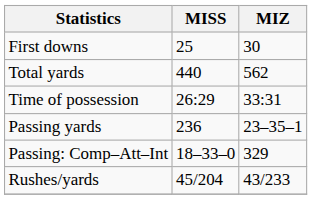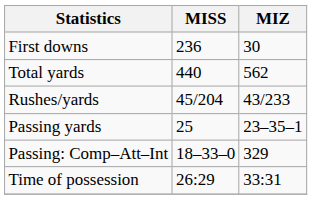 <table class="wikitable" style="float: left;">
 <tr>
 <th>Statistics</th>
 <th>MISS</th>
 <th>MIZ</th>
 </tr>
 <tr>
 <td>First downs</td>
-<td>25</td>
+<td>236</td>
 <td>30</td>
 </tr>
 <tr>
 <td>Total yards</td>
 <td>440</td>
 <td>562</td>
 </tr>
 <tr>
-<td>Time of possession</td>
-<td>26:29</td>
-<td>33:31</td>
+<td>Rushes/yards</td>
+<td>45/204</td>
+<td>43/233</td>
 </tr>
 <tr>
 <td>Passing yards</td>
-<td>236</td>
+<td>25</td>
 <td>23–35–1</td>
 </tr>
 <tr>
 <td>Passing: Comp–Att–Int</td>
 <td>18–33–0</td>
 <td>329</td>
 </tr>
 <tr>
-<td>Rushes/yards</td>
-<td>45/204</td>
-<td>43/233</td>
+<td>Time of possession</td>
+<td>26:29</td>
+<td>33:31</td>
 </tr>
 <tr>
 </tr>
 </table>
